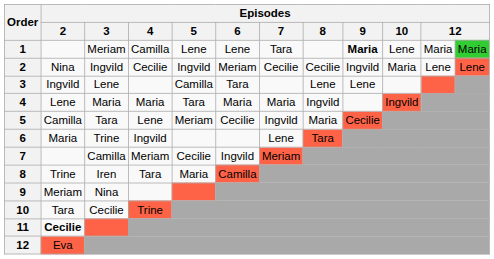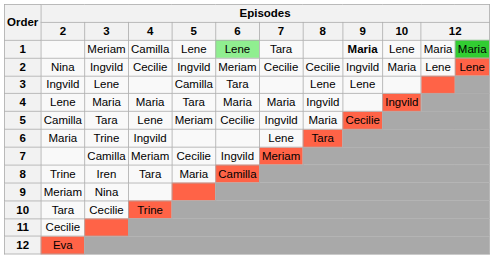 <table class="wikitable" style="text-align:center; font-size:92%">
 <tr>
 <th rowspan="2">Order</th>
 <th colspan="11">Episodes</th>
 </tr>
 <tr>
 <th>2</th>
 <th>3</th>
 <th>4</th>
 <th>5</th>
 <th>6</th>
 <th>7</th>
 <th>8</th>
 <th>9</th>
 <th>10</th>
 <th colspan="2">12</th>
 </tr>
 <tr>
 <th>1</th>
 <td></td>
 <td>Meriam</td>
 <td>Camilla</td>
 <td>Lene</td>
-<td>Lene</td>
+<td style="background: lightgreen;">Lene</td>
 <td>Tara</td>
 <td></td>
 <td><strong>Maria</strong></td>
 <td>Lene</td>
 <td>Maria</td>
 <td style="background:limegreen">Maria</td>
 </tr>
 <tr>
 <th>2</th>
 <td>Nina</td>
 <td>Ingvild</td>
 <td>Cecilie</td>
 <td>Ingvild</td>
 <td>Meriam</td>
 <td>Cecilie</td>
 <td>Cecilie</td>
 <td>Ingvild</td>
 <td>Maria</td>
 <td>Lene</td>
 <td style="background:tomato">Lene</td>
 </tr>
 <tr>
 <th>3</th>
 <td>Ingvild</td>
 <td>Lene</td>
 <td></td>
 <td>Camilla</td>
 <td>Tara</td>
 <td></td>
 <td>Lene</td>
 <td>Lene</td>
 <td></td>
 <td style="background:tomato"></td>
 <td style="background:darkgray"></td>
 </tr>
 <tr>
 <th>4</th>
 <td>Lene</td>
 <td>Maria</td>
 <td>Maria</td>
 <td>Tara</td>
 <td>Maria</td>
 <td>Maria</td>
 <td>Ingvild</td>
 <td></td>
 <td style="background:tomato">Ingvild</td>
 <td style="background:darkgray" colspan="2"></td>
 </tr>
 <tr>
 <th>5</th>
 <td>Camilla</td>
 <td>Tara</td>
 <td>Lene</td>
 <td>Meriam</td>
 <td>Cecilie</td>
 <td>Ingvild</td>
 <td>Maria</td>
 <td style="background:tomato">Cecilie</td>
 <td style="background:darkgray" colspan="3"></td>
 </tr>
 <tr>
 <th>6</th>
 <td>Maria</td>
 <td>Trine</td>
 <td>Ingvild</td>
 <td></td>
 <td></td>
 <td>Lene</td>
 <td style="background:tomato">Tara</td>
 <td style="background:darkgray" colspan="4"></td>
 </tr>
 <tr>
 <th>7</th>
 <td></td>
 <td>Camilla</td>
 <td>Meriam</td>
 <td>Cecilie</td>
 <td>Ingvild</td>
 <td style="background:tomato">Meriam</td>
 <td style="background:darkgray" colspan="5"></td>
 </tr>
 <tr>
 <th>8</th>
 <td>Trine</td>
 <td>Iren</td>
 <td>Tara</td>
 <td>Maria</td>
 <td style="background:tomato">Camilla</td>
 <td style="background:darkgray" colspan="6"></td>
 </tr>
 <tr>
 <th>9</th>
 <td>Meriam</td>
 <td>Nina</td>
 <td></td>
 <td style="background:tomato"></td>
 <td style="background:darkgray" colspan="7"></td>
 </tr>
 <tr>
 <th>10</th>
 <td>Tara</td>
 <td>Cecilie</td>
 <td style="background:tomato">Trine</td>
 <td style="background:darkgray" colspan="8"></td>
 </tr>
 <tr>
 <th>11</th>
-<td><strong>Cecilie</strong></td>
+<td>Cecilie</td>
 <td style="background:tomato"></td>
 <td style="background:darkgray" colspan="9"></td>
 </tr>
 <tr>
 <th>12</th>
 <td style="background:tomato">Eva</td>
 <td style="background:darkgray" colspan="10"></td>
 </tr>
 </table>
